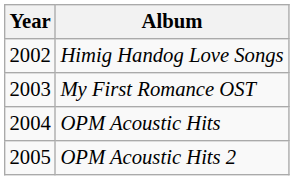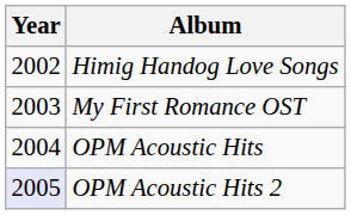 <table class="wikitable" style="font-size: 95%;">
 <tr>
 <th>Year</th>
 <th>Album</th>
 </tr>
 <tr>
 <td>2002</td>
 <td><em>Himig Handog Love Songs</em></td>
 </tr>
 <tr>
 <td>2003</td>
 <td><em>My First Romance OST</em></td>
 </tr>
 <tr>
 <td>2004</td>
 <td><em>OPM Acoustic Hits</em></td>
 </tr>
 <tr>
-<td>2005</td>
+<td style="background: lavender;">2005</td>
 <td><em>OPM Acoustic Hits 2</em></td>
 </tr>
 </table>
